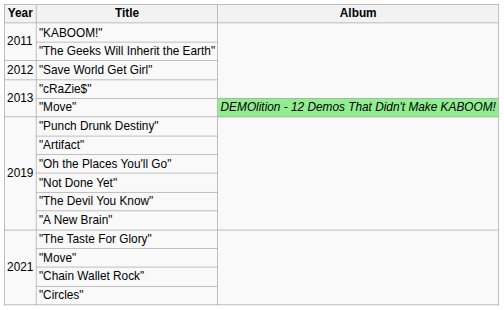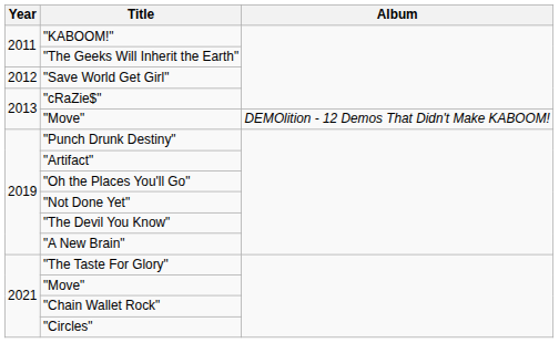 <table class="wikitable">
 <tr>
 <th>Year</th>
 <th>Title</th>
 <th>Album</th>
 </tr>
 <tr>
 <td rowspan="2">2011</td>
 <td>"KABOOM!"</td>
 <td rowspan="4"></td>
 </tr>
 <tr>
 <td>"The Geeks Will Inherit the Earth"</td>
 </tr>
 <tr>
 <td>2012</td>
 <td>"Save World Get Girl"</td>
 </tr>
 <tr>
 <td rowspan="2">2013</td>
 <td>"cRaZie$"</td>
 </tr>
 <tr>
 <td>"Move"</td>
-<td style="background: lightgreen;"><em>DEMOlition - 12 Demos That Didn't Make KABOOM!</em></td>
+<td><em>DEMOlition - 12 Demos That Didn't Make KABOOM!</em></td>
 </tr>
 <tr>
 <td rowspan="6">2019</td>
 <td>"Punch Drunk Destiny"</td>
 <td rowspan="6"></td>
 </tr>
 <tr>
 <td>"Artifact"</td>
 </tr>
 <tr>
 <td>"Oh the Places You'll Go"</td>
 </tr>
 <tr>
 <td>"Not Done Yet"</td>
 </tr>
 <tr>
 <td>"The Devil You Know"</td>
 </tr>
 <tr>
 <td>"A New Brain"</td>
 </tr>
 <tr>
 <td rowspan="4">2021</td>
 <td>"The Taste For Glory"</td>
 <td rowspan="4"></td>
 </tr>
 <tr>
 <td>"Move"</td>
 </tr>
 <tr>
 <td>"Chain Wallet Rock"</td>
 </tr>
 <tr>
 <td>"Circles"</td>
 </tr>
 </table>
